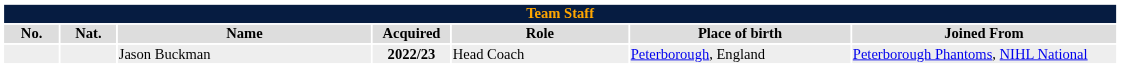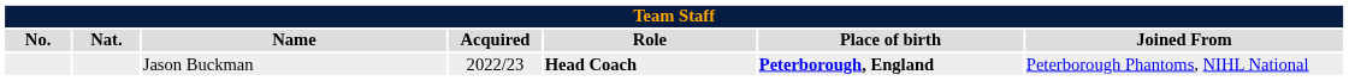 <table class="toccolours"  style="width:97%; clear:both; margin:1.5em auto; text-align:center;">
 <tr>
 <th colspan="11" style="background:#061c41; color:#ffa600;”">Team Staff</th>
 </tr>
 <tr style="background:#ddd;">
 <th width=5%>No.</th>
 <th width=5%>Nat.</th>
 <th !width=22%>Name</th>
 <th width=7%>Acquired</th>
 <th width=16%>Role</th>
 <th width=20%>Place of birth</th>
 <th width=24%>Joined From</th>
 </tr>
 <tr style="background:#eee;">
 <td></td>
 <td></td>
 <td align=left>Jason Buckman</td>
-<td><strong>2022/23</strong></td>
-<td align=left>Head Coach</td>
-<td align=left><a href='#'>Peterborough</a>, England</td>
+<td>2022/23</td>
+<td align=left><strong>Head Coach</strong></td>
+<td align=left><strong><a href='#'>Peterborough</a>, England</strong></td>
 <td align=left><a href='#'>Peterborough Phantoms</a>, <a href='#'>NIHL National</a></td>
 </tr>
 </table>
